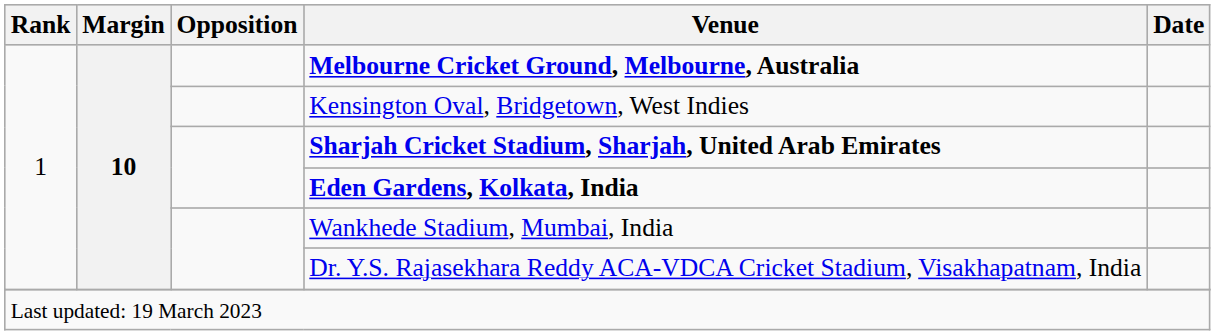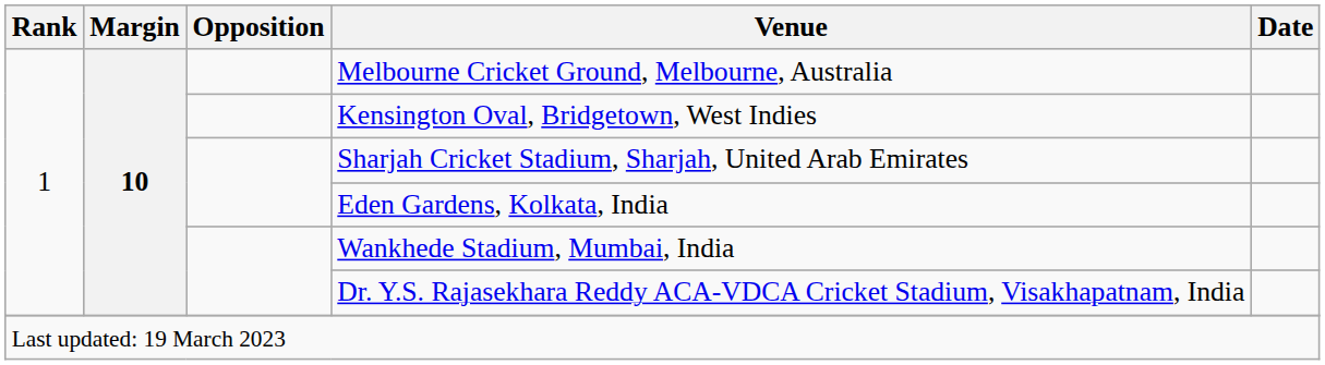 <table class="wikitable sortable">
 <tr>
 <th scope=col>Rank</th>
 <th scope=col>Margin</th>
 <th scope=col>Opposition</th>
 <th scope=col>Venue</th>
 <th scope=col>Date</th>
 </tr>
 <tr>
 <td align=center rowspan=6>1</td>
 <th scope=row style=text-align:center rowspan=6>10</th>
 <td></td>
-<td><strong><a href='#'>Melbourne Cricket Ground</a>, <a href='#'>Melbourne</a>, Australia</strong></td>
+<td><a href='#'>Melbourne Cricket Ground</a>, <a href='#'>Melbourne</a>, Australia</td>
 <td></td>
 </tr>
 <tr>
 <td></td>
 <td><a href='#'>Kensington Oval</a>, <a href='#'>Bridgetown</a>, West Indies</td>
 <td></td>
 </tr>
 <tr>
 <td rowspan=2></td>
-<td><strong><a href='#'>Sharjah Cricket Stadium</a>, <a href='#'>Sharjah</a>, United Arab Emirates</strong></td>
+<td><a href='#'>Sharjah Cricket Stadium</a>, <a href='#'>Sharjah</a>, United Arab Emirates</td>
 <td></td>
 </tr>
 <tr>
-<td><strong><a href='#'>Eden Gardens</a>, <a href='#'>Kolkata</a>, India</strong></td>
+<td><a href='#'>Eden Gardens</a>, <a href='#'>Kolkata</a>, India</td>
 <td></td>
 </tr>
 <tr>
 <td rowspan=2></td>
 <td><a href='#'>Wankhede Stadium</a>, <a href='#'>Mumbai</a>, India</td>
 <td></td>
 </tr>
 <tr>
 <td><a href='#'>Dr. Y.S. Rajasekhara Reddy ACA-VDCA Cricket Stadium</a>, <a href='#'>Visakhapatnam</a>, India</td>
 <td></td>
 </tr>
 <tr>
 </tr>
 <tr class=sortbottom>
 <td colspan=5><small>Last updated: 19 March 2023</small></td>
 </tr>
 </table>
